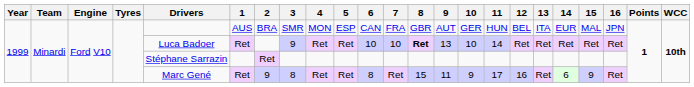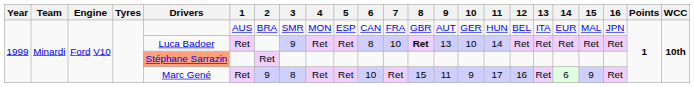 <table class="wikitable" style="text-align:center; font-size:95%">
 <tr>
 <th>Year</th>
 <th>Team</th>
 <th>Engine</th>
 <th>Tyres</th>
 <th>Drivers</th>
 <th>1</th>
 <th>2</th>
 <th>3</th>
 <th>4</th>
 <th>5</th>
 <th>6</th>
 <th>7</th>
 <th>8</th>
 <th>9</th>
 <th>10</th>
 <th>11</th>
 <th>12</th>
 <th>13</th>
 <th>14</th>
 <th>15</th>
 <th>16</th>
 <th>Points</th>
 <th>WCC</th>
 </tr>
 <tr>
 <td rowspan="4"><a href='#'>1999</a></td>
 <td rowspan="4"><a href='#'>Minardi</a></td>
 <td rowspan="4"><a href='#'>Ford</a> <a href='#'>V10</a></td>
 <td rowspan="4"></td>
 <td></td>
 <td><a href='#'>AUS</a></td>
 <td><a href='#'>BRA</a></td>
 <td><a href='#'>SMR</a></td>
 <td><a href='#'>MON</a></td>
 <td><a href='#'>ESP</a></td>
 <td><a href='#'>CAN</a></td>
 <td><a href='#'>FRA</a></td>
 <td><a href='#'>GBR</a></td>
 <td><a href='#'>AUT</a></td>
 <td><a href='#'>GER</a></td>
 <td><a href='#'>HUN</a></td>
 <td><a href='#'>BEL</a></td>
 <td><a href='#'>ITA</a></td>
 <td><a href='#'>EUR</a></td>
 <td><a href='#'>MAL</a></td>
 <td><a href='#'>JPN</a></td>
 <td rowspan="4"><strong>1</strong></td>
 <td rowspan="4"><strong>10th</strong></td>
 </tr>
 <tr>
 <td> <a href='#'>Luca Badoer</a></td>
 <td style="background:#EFCFFF;" align="center">Ret</td>
 <td></td>
 <td style="background:#CFCFFF;" align="center">9</td>
 <td style="background:#EFCFFF;" align="center">Ret</td>
 <td style="background:#EFCFFF;" align="center">Ret</td>
-<td style="background:#CFCFFF;" align="center">10</td>
+<td style="background:#CFCFFF;" align="center">8</td>
 <td style="background:#CFCFFF;" align="center">10</td>
 <td style="background:#EFCFFF;" align="center"><strong>Ret</strong></td>
 <td style="background:#CFCFFF;" align="center">13</td>
 <td style="background:#CFCFFF;" align="center">10</td>
 <td style="background:#CFCFFF;" align="center">14</td>
 <td style="background:#EFCFFF;" align="center">Ret</td>
 <td style="background:#EFCFFF;" align="center">Ret</td>
 <td style="background:#EFCFFF;" align="center">Ret</td>
 <td style="background:#EFCFFF;" align="center">Ret</td>
 <td style="background:#EFCFFF;" align="center">Ret</td>
 </tr>
 <tr>
-<td> <a href='#'>Stéphane Sarrazin</a></td>
+<td style="background: lightsalmon;"> <a href='#'>Stéphane Sarrazin</a></td>
 <td></td>
 <td style="background:#EFCFFF;" align="center">Ret</td>
 <td></td>
 <td></td>
 <td></td>
 <td></td>
 <td></td>
 <td></td>
 <td></td>
 <td></td>
 <td></td>
 <td></td>
 <td></td>
 <td></td>
 <td></td>
 <td></td>
 </tr>
 <tr>
 <td> <a href='#'>Marc Gené</a></td>
 <td style="background:#EFCFFF;" align="center">Ret</td>
 <td style="background:#CFCFFF;" align="center">9</td>
 <td style="background:#CFCFFF;" align="center">8</td>
 <td style="background:#EFCFFF;" align="center">Ret</td>
 <td style="background:#EFCFFF;" align="center">Ret</td>
-<td style="background:#CFCFFF;" align="center">8</td>
+<td style="background:#CFCFFF;" align="center">10</td>
 <td style="background:#EFCFFF;" align="center">Ret</td>
 <td style="background:#CFCFFF;" align="center">15</td>
 <td style="background:#CFCFFF;" align="center">11</td>
 <td style="background:#CFCFFF;" align="center">9</td>
 <td style="background:#CFCFFF;" align="center">17</td>
 <td style="background:#CFCFFF;" align="center">16</td>
 <td style="background:#EFCFFF;" align="center">Ret</td>
 <td style="background:#DFFFDF;" align="center">6</td>
 <td style="background:#CFCFFF;" align="center">9</td>
 <td style="background:#EFCFFF;" align="center">Ret</td>
 </tr>
 </table>
